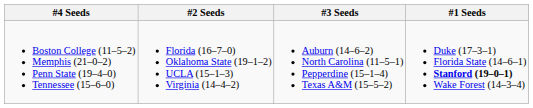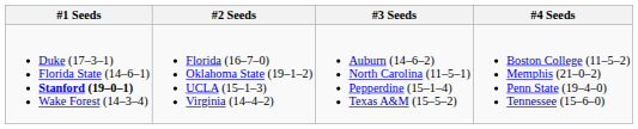 <table class="wikitable">
 <tr>
-<th>#4 Seeds</th>
+<th>#1 Seeds</th>
 <th>#2 Seeds</th>
 <th>#3 Seeds</th>
-<th>#1 Seeds</th>
+<th>#4 Seeds</th>
 </tr>
 <tr>
-<td><br><ul><li><a href='#'>Boston College</a> (11–5–2)</li><li><a href='#'>Memphis</a> (21–0–2)</li><li><a href='#'>Penn State</a> (19–4–0)</li><li><a href='#'>Tennessee</a> (15–6–0)</li></ul></td>
+<td><br><ul><li><a href='#'>Duke</a> (17–3–1)</li><li><a href='#'>Florida State</a> (14–6–1)</li><li><strong><a href='#'>Stanford</a> (19–0–1)</strong></li><li><a href='#'>Wake Forest</a> (14–3–4)</li></ul></td>
 <td><br><ul><li><a href='#'>Florida</a> (16–7–0)</li><li><a href='#'>Oklahoma State</a> (19–1–2)</li><li><a href='#'>UCLA</a> (15–1–3)</li><li><a href='#'>Virginia</a> (14–4–2)</li></ul></td>
 <td><br><ul><li><a href='#'>Auburn</a> (14–6–2)</li><li><a href='#'>North Carolina</a> (11–5–1)</li><li><a href='#'>Pepperdine</a> (15–1–4)</li><li><a href='#'>Texas A&M</a> (15–5–2)</li></ul></td>
-<td><br><ul><li><a href='#'>Duke</a> (17–3–1)</li><li><a href='#'>Florida State</a> (14–6–1)</li><li><strong><a href='#'>Stanford</a> (19–0–1)</strong></li><li><a href='#'>Wake Forest</a> (14–3–4)</li></ul></td>
+<td><br><ul><li><a href='#'>Boston College</a> (11–5–2)</li><li><a href='#'>Memphis</a> (21–0–2)</li><li><a href='#'>Penn State</a> (19–4–0)</li><li><a href='#'>Tennessee</a> (15–6–0)</li></ul></td>
 </tr>
 </table>
